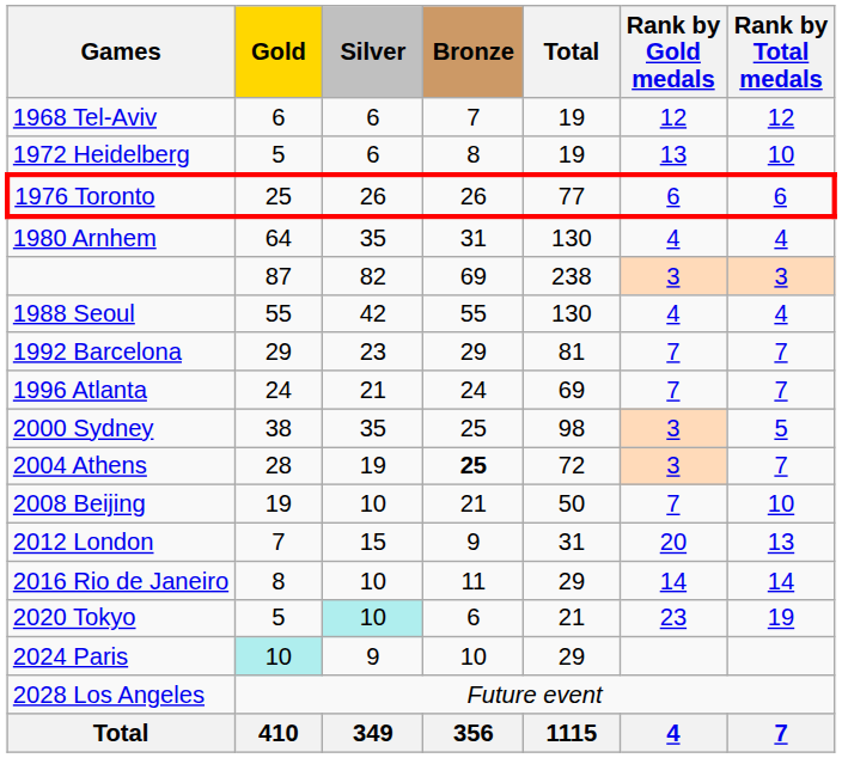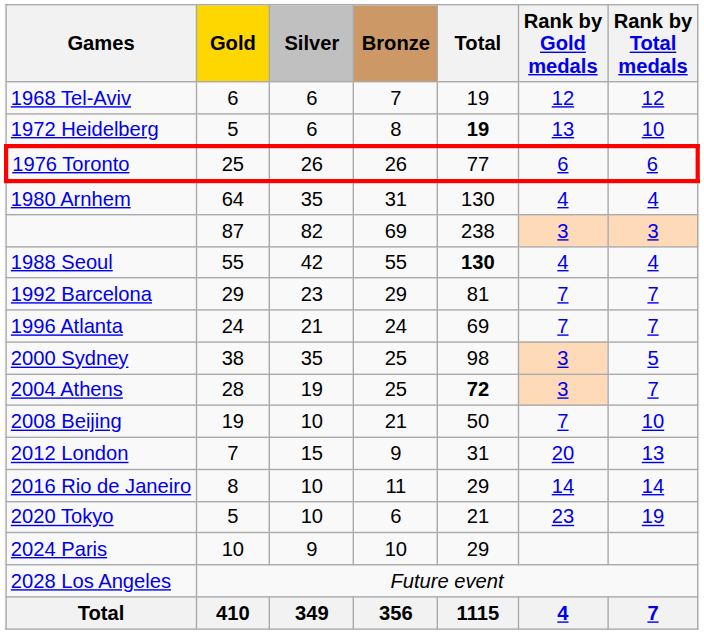 <table class="wikitable" style="text-align:center; font-size:90%;">
 <tr>
 <th>Games</th>
 <td style="background:gold; width:3.2em; font-weight:bold;">Gold</td>
 <td style="background:silver; width:3.7em; font-weight:bold;">Silver</td>
 <td style="background:#c96; width:3.7em; font-weight:bold;">Bronze</td>
 <th style="width:3.5em; font-weight:bold;">Total</th>
 <th style="width:4em; font-weight:bold;">Rank by <a href='#'>Gold medals</a></th>
 <th style="width:4em; font-weight:bold;">Rank by <a href='#'>Total medals</a></th>
 </tr>
 <tr>
 <td align=left> <a href='#'>1968 Tel-Aviv</a></td>
 <td>6</td>
 <td>6</td>
 <td>7</td>
 <td>19</td>
 <td><a href='#'>12</a></td>
 <td><a href='#'>12</a></td>
 </tr>
 <tr>
 <td align=left> <a href='#'>1972 Heidelberg</a></td>
 <td>5</td>
 <td>6</td>
 <td>8</td>
-<td>19</td>
+<td><strong>19</strong></td>
 <td><a href='#'>13</a></td>
 <td><a href='#'>10</a></td>
 </tr>
 <tr style="border: 3px solid red">
 <td align=left> <a href='#'>1976 Toronto</a></td>
 <td>25</td>
 <td>26</td>
 <td>26</td>
 <td>77</td>
 <td><a href='#'>6</a></td>
 <td><a href='#'>6</a></td>
 </tr>
 <tr>
 <td align=left> <a href='#'>1980 Arnhem</a></td>
 <td>64</td>
 <td>35</td>
 <td>31</td>
 <td>130</td>
 <td><a href='#'>4</a></td>
 <td><a href='#'>4</a></td>
 </tr>
 <tr>
 <td align=left><br></td>
 <td>87</td>
 <td>82</td>
 <td>69</td>
 <td>238</td>
 <td style="background:#ffdab9;"><a href='#'>3</a></td>
 <td style="background:#ffdab9;"><a href='#'>3</a></td>
 </tr>
 <tr>
 <td align=left> <a href='#'>1988 Seoul</a></td>
 <td>55</td>
 <td>42</td>
 <td>55</td>
-<td>130</td>
+<td><strong>130</strong></td>
 <td><a href='#'>4</a></td>
 <td><a href='#'>4</a></td>
 </tr>
 <tr>
 <td align=left> <a href='#'>1992 Barcelona</a></td>
 <td>29</td>
 <td>23</td>
 <td>29</td>
 <td>81</td>
 <td><a href='#'>7</a></td>
 <td><a href='#'>7</a></td>
 </tr>
 <tr>
 <td align=left> <a href='#'>1996 Atlanta</a></td>
 <td>24</td>
 <td>21</td>
 <td>24</td>
 <td>69</td>
 <td><a href='#'>7</a></td>
 <td><a href='#'>7</a></td>
 </tr>
 <tr>
 <td align=left> <a href='#'>2000 Sydney</a></td>
 <td>38</td>
 <td>35</td>
 <td>25</td>
 <td>98</td>
 <td style="background:#ffdab9;"><a href='#'>3</a></td>
 <td><a href='#'>5</a></td>
 </tr>
 <tr>
 <td align=left> <a href='#'>2004 Athens</a></td>
 <td>28</td>
 <td>19</td>
-<td><strong>25</strong></td>
-<td>72</td>
+<td>25</td>
+<td><strong>72</strong></td>
 <td style="background:#ffdab9;"><a href='#'>3</a></td>
 <td><a href='#'>7</a></td>
 </tr>
 <tr>
 <td align=left> <a href='#'>2008 Beijing</a></td>
 <td>19</td>
 <td>10</td>
 <td>21</td>
 <td>50</td>
 <td><a href='#'>7</a></td>
 <td><a href='#'>10</a></td>
 </tr>
 <tr>
 <td align=left> <a href='#'>2012 London</a></td>
 <td>7</td>
 <td>15</td>
 <td>9</td>
 <td>31</td>
 <td><a href='#'>20</a></td>
 <td><a href='#'>13</a></td>
 </tr>
 <tr>
 <td align=left> <a href='#'>2016 Rio de Janeiro</a></td>
 <td>8</td>
 <td>10</td>
 <td>11</td>
 <td>29</td>
 <td><a href='#'>14</a></td>
 <td><a href='#'>14</a></td>
 </tr>
 <tr>
 <td align=left> <a href='#'>2020 Tokyo</a></td>
 <td>5</td>
-<td style="background: paleturquoise;">10</td>
+<td>10</td>
 <td>6</td>
 <td>21</td>
 <td><a href='#'>23</a></td>
 <td><a href='#'>19</a></td>
 </tr>
 <tr>
 <td align=left> <a href='#'>2024 Paris</a></td>
-<td style="background: paleturquoise;">10</td>
+<td>10</td>
 <td>9</td>
 <td>10</td>
 <td>29</td>
 <td></td>
 </tr>
 <tr>
 <td align=left> <a href='#'>2028 Los Angeles</a></td>
 <td colspan=6; rowspan=1><em>Future event</em></td>
 </tr>
 <tr>
 <th>Total</th>
 <th>410</th>
 <th>349</th>
 <th>356</th>
 <th>1115</th>
 <th><a href='#'>4</a></th>
 <th><a href='#'>7</a></th>
 </tr>
 </table>
